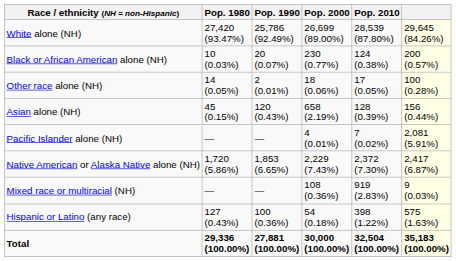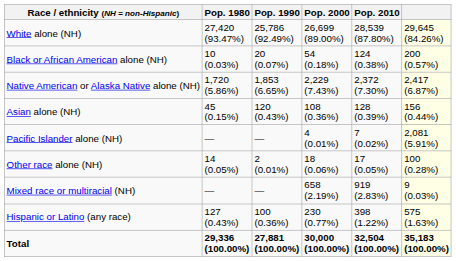 <table class="wikitable sortable collapsible" style="font-size: 95%;">
 <tr>
 <th>Race / ethnicity <small>(<em>NH = non-Hispanic</em>)</small></th>
 <th>Pop. 1980</th>
 <th>Pop. 1990</th>
 <th>Pop. 2000</th>
 <th>Pop. 2010</th>
 <th></th>
 </tr>
 <tr>
 <td><a href='#'>White</a> alone (NH)</td>
 <td>27,420<br>(93.47%)</td>
 <td>25,786<br>(92.49%)</td>
 <td>26,699<br>(89.00%)</td>
 <td>28,539<br>(87.80%)</td>
 <td style='background: #ffffe6;'>29,645<br>(84.26%)</td>
 </tr>
 <tr>
 <td><a href='#'>Black or African American</a> alone (NH)</td>
 <td>10<br>(0.03%)</td>
 <td>20<br>(0.07%)</td>
-<td>230<br>(0.77%)</td>
+<td>54<br>(0.18%)</td>
 <td>124<br>(0.38%)</td>
 <td style='background: #ffffe6;'>200<br>(0.57%)</td>
 </tr>
 <tr>
-<td><a href='#'>Other race</a> alone (NH)</td>
-<td>14<br>(0.05%)</td>
-<td>2<br>(0.01%)</td>
-<td>18<br>(0.06%)</td>
-<td>17<br>(0.05%)</td>
-<td style='background: #ffffe6;'>100<br>(0.28%)</td>
+<td><a href='#'>Native American</a> or <a href='#'>Alaska Native</a> alone (NH)</td>
+<td>1,720<br>(5.86%)</td>
+<td>1,853<br>(6.65%)</td>
+<td>2,229<br>(7.43%)</td>
+<td>2,372<br>(7.30%)</td>
+<td style='background: #ffffe6;'>2,417<br>(6.87%)</td>
 </tr>
 <tr>
 <td><a href='#'>Asian</a> alone (NH)</td>
 <td>45<br>(0.15%)</td>
 <td>120<br>(0.43%)</td>
-<td>658<br>(2.19%)</td>
+<td>108<br>(0.36%)</td>
 <td>128<br>(0.39%)</td>
 <td style='background: #ffffe6;'>156<br>(0.44%)</td>
 </tr>
 <tr>
 <td><a href='#'>Pacific Islander</a> alone (NH)</td>
 <td>—</td>
 <td>—</td>
 <td>4<br>(0.01%)</td>
 <td>7<br>(0.02%)</td>
 <td style='background: #ffffe6;'>2,081<br>(5.91%)</td>
 </tr>
 <tr>
-<td><a href='#'>Native American</a> or <a href='#'>Alaska Native</a> alone (NH)</td>
-<td>1,720<br>(5.86%)</td>
-<td>1,853<br>(6.65%)</td>
-<td>2,229<br>(7.43%)</td>
-<td>2,372<br>(7.30%)</td>
-<td style='background: #ffffe6;'>2,417<br>(6.87%)</td>
+<td><a href='#'>Other race</a> alone (NH)</td>
+<td>14<br>(0.05%)</td>
+<td>2<br>(0.01%)</td>
+<td>18<br>(0.06%)</td>
+<td>17<br>(0.05%)</td>
+<td style='background: #ffffe6;'>100<br>(0.28%)</td>
 </tr>
 <tr>
 <td><a href='#'>Mixed race or multiracial</a> (NH)</td>
 <td>—</td>
 <td>—</td>
-<td>108<br>(0.36%)</td>
+<td>658<br>(2.19%)</td>
 <td>919<br>(2.83%)</td>
 <td style='background: #ffffe6;'>9<br>(0.03%)</td>
 </tr>
 <tr>
 <td><a href='#'>Hispanic or Latino</a> (any race)</td>
 <td>127<br>(0.43%)</td>
 <td>100<br>(0.36%)</td>
-<td>54<br>(0.18%)</td>
+<td>230<br>(0.77%)</td>
 <td>398<br>(1.22%)</td>
 <td style='background: #ffffe6;'>575<br>(1.63%)</td>
 </tr>
 <tr>
 <td><strong>Total</strong></td>
 <td><strong>29,336<br>(100.00%)</strong></td>
 <td><strong>27,881<br>(100.00%)</strong></td>
 <td><strong>30,000<br>(100.00%)</strong></td>
 <td><strong>32,504<br>(100.00%)</strong></td>
 <td style='background: #ffffe6;'><strong>35,183<br>(100.00%)</strong></td>
 </tr>
 </table>
